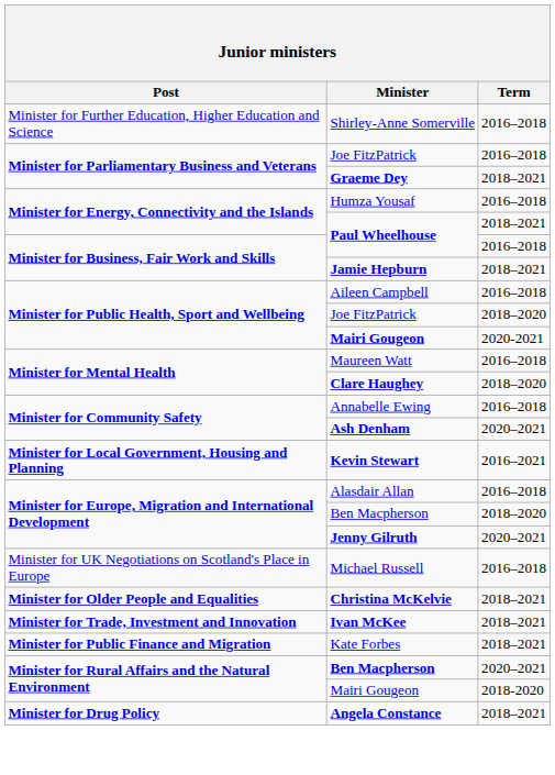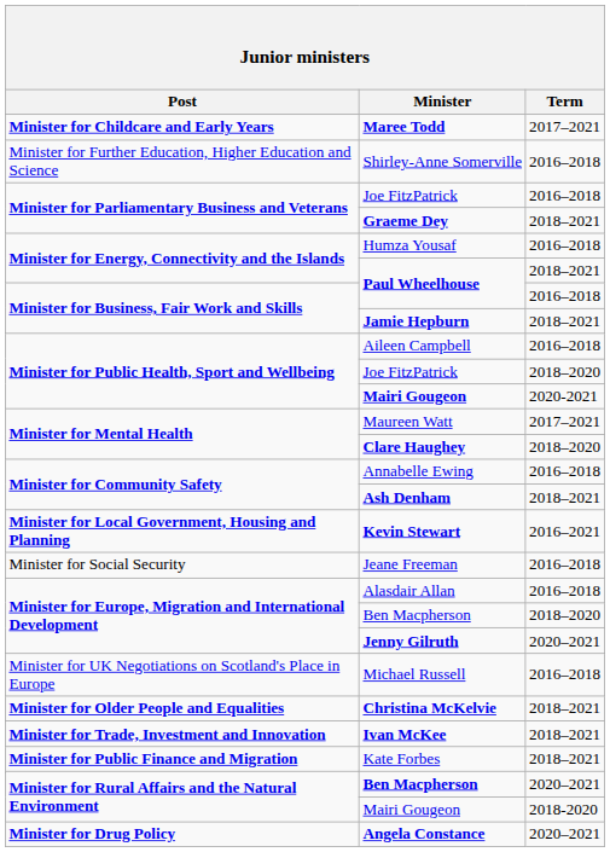 <table class="wikitable">
 <tr>
 <th colspan="3"><br><h3>Junior ministers</h3></th>
 </tr>
 <tr>
 <th style="width: 350px">Post</th>
 <th colspan="1">Minister</th>
 <th>Term</th>
+</tr>
+<tr>
+<td><strong><a href='#'>Minister for Childcare and Early Years</a></strong></td>
+<td><strong><a href='#'>Maree Todd</a></strong> </td>
+<td>2017–2021</td>
 </tr>
 <tr>
 <td><a href='#'>Minister for Further Education, Higher Education and Science</a></td>
 <td><a href='#'>Shirley-Anne Somerville</a> </td>
 <td>2016–2018</td>
 </tr>
 <tr>
 <td rowspan="2"><strong><a href='#'>Minister for Parliamentary Business and Veterans</a></strong></td>
 <td><a href='#'>Joe FitzPatrick</a> </td>
 <td>2016–2018</td>
 </tr>
 <tr>
 <td><strong><a href='#'>Graeme Dey</a></strong> </td>
 <td>2018–2021</td>
 </tr>
 <tr>
 <td rowspan="2"><strong><a href='#'>Minister for Energy, Connectivity and the Islands</a></strong></td>
 <td><a href='#'>Humza Yousaf</a> </td>
 <td>2016–2018</td>
 </tr>
 <tr>
 <td rowspan="2"><strong><a href='#'>Paul Wheelhouse</a></strong> </td>
 <td>2018–2021</td>
 </tr>
 <tr>
 <td rowspan="2"><strong><a href='#'>Minister for Business, Fair Work and Skills</a></strong></td>
 <td>2016–2018</td>
 </tr>
 <tr>
 <td><strong><a href='#'>Jamie Hepburn</a></strong> </td>
 <td>2018–2021</td>
 </tr>
 <tr>
 <td rowspan="3"><strong><a href='#'>Minister for Public Health, Sport and Wellbeing</a></strong></td>
 <td><a href='#'>Aileen Campbell</a> </td>
 <td>2016–2018</td>
 </tr>
 <tr>
 <td><a href='#'>Joe FitzPatrick</a> </td>
 <td>2018–2020</td>
 </tr>
 <tr>
 <td><strong><a href='#'>Mairi Gougeon</a></strong> </td>
 <td>2020-2021</td>
 </tr>
 <tr>
 <td rowspan="2"><strong><a href='#'>Minister for Mental Health</a></strong></td>
 <td><a href='#'>Maureen Watt</a> </td>
-<td>2016–2018</td>
+<td>2017–2021</td>
 </tr>
 <tr>
 <td><strong><a href='#'>Clare Haughey</a></strong> </td>
 <td>2018–2020</td>
 </tr>
 <tr>
 <td rowspan="2"><strong><a href='#'>Minister for Community Safety</a></strong></td>
 <td><a href='#'>Annabelle Ewing</a> </td>
 <td>2016–2018</td>
 </tr>
 <tr>
 <td><strong><a href='#'>Ash Denham</a></strong> </td>
-<td>2020–2021</td>
+<td>2018–2021</td>
 </tr>
 <tr>
 <td><strong><a href='#'>Minister for Local Government, Housing and Planning</a></strong></td>
 <td><strong><a href='#'>Kevin Stewart</a></strong> </td>
 <td>2016–2021</td>
+</tr>
+<tr>
+<td>Minister for Social Security</td>
+<td><a href='#'>Jeane Freeman</a> </td>
+<td>2016–2018</td>
 </tr>
 <tr>
 <td rowspan="3"><strong><a href='#'>Minister for Europe, Migration and International Development</a></strong></td>
 <td><a href='#'>Alasdair Allan</a> </td>
 <td>2016–2018</td>
 </tr>
 <tr>
 <td><a href='#'>Ben Macpherson</a> </td>
 <td>2018–2020</td>
 </tr>
 <tr>
 <td><strong><a href='#'>Jenny Gilruth</a></strong> </td>
 <td>2020–2021</td>
 </tr>
 <tr>
 <td><a href='#'>Minister for UK Negotiations on Scotland's Place in Europe</a></td>
 <td><a href='#'>Michael Russell</a> </td>
 <td>2016–2018</td>
 </tr>
 <tr>
 <td><strong><a href='#'>Minister for Older People and Equalities</a></strong></td>
 <td><strong><a href='#'>Christina McKelvie</a></strong> </td>
 <td>2018–2021</td>
 </tr>
 <tr>
 <td><strong><a href='#'>Minister for Trade, Investment and Innovation</a></strong></td>
 <td><strong><a href='#'>Ivan McKee</a></strong> </td>
 <td>2018–2021</td>
 </tr>
 <tr>
 <td rowspan="2"><strong><a href='#'>Minister for Public Finance and Migration</a></strong></td>
 <td><a href='#'>Kate Forbes</a> </td>
 <td>2018–2021</td>
 </tr>
 <tr>
 <td rowspan="2"><strong><a href='#'>Ben Macpherson</a></strong> </td>
 <td rowspan="2">2020–2021</td>
 </tr>
 <tr>
 <td rowspan="2"><strong><a href='#'>Minister for Rural Affairs and the Natural Environment</a></strong></td>
 </tr>
 <tr>
 <td><a href='#'>Mairi Gougeon</a> </td>
 <td>2018-2020</td>
 </tr>
 <tr>
 <td><strong><a href='#'>Minister for Drug Policy</a></strong></td>
 <td><strong><a href='#'>Angela Constance</a></strong> </td>
-<td>2018–2021</td>
+<td>2020–2021</td>
 </tr>
 </table>
